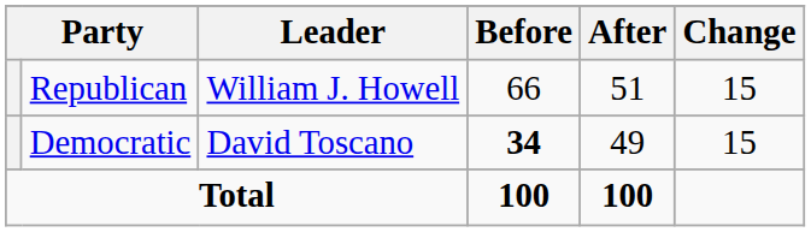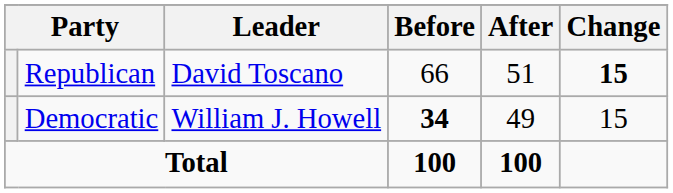 <table class="wikitable" style="text-align:center;">
 <tr>
 </tr>
 <tr>
 <th colspan=2>Party</th>
 <th>Leader</th>
 <th>Before</th>
 <th>After</th>
 <th>Change</th>
 </tr>
 <tr>
 <th style="background-color:"></th>
 <td style="text-align:left;"><a href='#'>Republican</a></td>
-<td style="text-align:left;"><a href='#'>William J. Howell</a></td>
+<td style="text-align:left;"><a href='#'>David Toscano</a></td>
 <td>66</td>
 <td>51</td>
-<td> 15</td>
+<td><strong> 15</strong></td>
 </tr>
 <tr>
 <th style="background-color:"></th>
 <td style="text-align:left;"><a href='#'>Democratic</a></td>
-<td style="text-align:left;"><a href='#'>David Toscano</a></td>
+<td style="text-align:left;"><a href='#'>William J. Howell</a></td>
 <td><strong>34</strong></td>
 <td>49</td>
 <td> 15</td>
 </tr>
 <tr>
 <td colspan=3><strong>Total</strong></td>
 <td><strong>100</strong></td>
 <td><strong>100</strong></td>
 </tr>
 </table>
